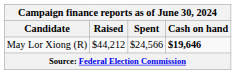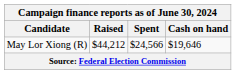 <table class="wikitable sortable">
 <tr>
 <th colspan=4>Campaign finance reports as of June 30, 2024</th>
 </tr>
 <tr style="text-align:center;">
 <th>Candidate</th>
 <th>Raised</th>
 <th>Spent</th>
 <th>Cash on hand</th>
 </tr>
 <tr>
 <td>May Lor Xiong (R)</td>
 <td>$44,212</td>
 <td>$24,566</td>
-<td><strong>$19,646</strong></td>
+<td>$19,646</td>
 </tr>
 <tr>
 <th colspan="4"><small>Source: <a href='#'>Federal Election Commission</a></small></th>
 </tr>
 </table>
